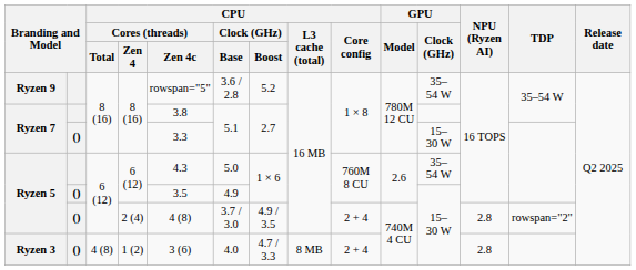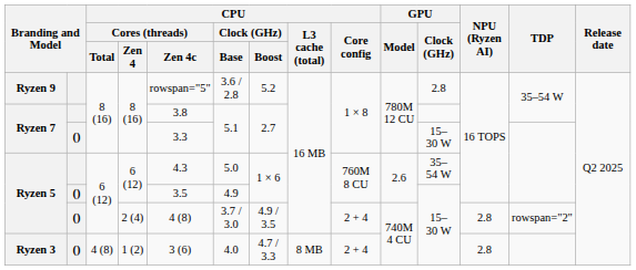 <table class="wikitable nowrap" style="text-align:center;">
 <tr>
 <th colspan="2" rowspan="3">Branding and Model</th>
 <th colspan="7">CPU</th>
 <th colspan="2">GPU</th>
 <th rowspan="3">NPU<br>(Ryzen AI)</th>
 <th rowspan="3">TDP</th>
 <th rowspan="3">Release date</th>
 </tr>
 <tr>
 <th colspan="3">Cores (threads)</th>
 <th colspan="2">Clock (GHz)</th>
 <th rowspan="2">L3 cache<br>(total)</th>
 <th rowspan="2">Core config</th>
 <th rowspan="2">Model</th>
 <th rowspan="2">Clock<br>(GHz)</th>
 </tr>
 <tr>
 <th>Total</th>
 <th>Zen 4</th>
 <th>Zen 4c</th>
 <th>Base</th>
 <th>Boost</th>
 </tr>
 <tr>
 <th>Ryzen 9</th>
 <th></th>
 <td rowspan="3">8 (16)</td>
 <td rowspan="3">8 (16)</td>
 <td>rowspan="5" </td>
 <td>3.6 / 2.8</td>
 <td>5.2</td>
 <td rowspan="6">16 MB</td>
 <td rowspan="3">1 × 8</td>
 <td rowspan="3">780M<br>12 CU</td>
-<td>35–54 W</td>
+<td>2.8</td>
 <td rowspan="5">16 TOPS</td>
 <td rowspan="2">35–54 W</td>
 <td rowspan="7">Q2 2025</td>
 </tr>
 <tr>
 <th rowspan="2">Ryzen 7</th>
 <th></th>
 <td>3.8</td>
 <td rowspan="2">5.1</td>
 <td rowspan="2">2.7</td>
 </tr>
 <tr>
 <th>()<br></th>
 <td>3.3</td>
 <td>15–30 W</td>
 </tr>
 <tr>
 <th rowspan="3">Ryzen 5</th>
 <th></th>
 <td rowspan="3">6 (12)</td>
 <td rowspan="2">6 (12)</td>
 <td>4.3</td>
 <td>5.0</td>
 <td rowspan="2">1 × 6</td>
 <td rowspan="2">760M<br>8 CU</td>
 <td rowspan="2">2.6</td>
 <td>35–54 W</td>
 </tr>
 <tr>
 <th>()<br></th>
 <td>3.5</td>
 <td>4.9</td>
 <td rowspan="3">15–30 W</td>
 </tr>
 <tr>
 <th>()<br></th>
 <td>2 (4)</td>
 <td>4 (8)</td>
 <td>3.7 / 3.0</td>
 <td>4.9 / 3.5</td>
 <td>2 + 4</td>
 <td rowspan="2">740M<br>4 CU</td>
 <td>2.8</td>
 <td>rowspan="2" </td>
 </tr>
 <tr>
 <th>Ryzen 3</th>
 <th>()<br></th>
 <td>4 (8)</td>
 <td>1 (2)</td>
 <td>3 (6)</td>
 <td>4.0</td>
 <td>4.7 / 3.3</td>
 <td>8 MB</td>
 <td>2 + 4</td>
 <td>2.8</td>
 </tr>
 </table>
